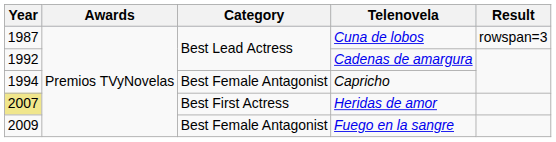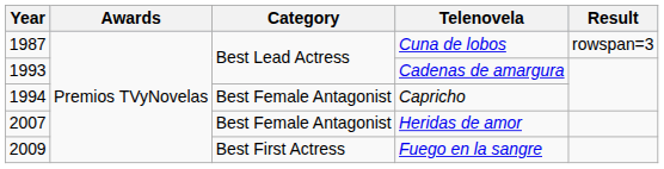 <table class="wikitable">
 <tr style="background:#b0c4de;">
 <th>Year</th>
 <th>Awards</th>
 <th>Category</th>
 <th>Telenovela</th>
 <th>Result</th>
 </tr>
 <tr>
 <td>1987</td>
 <td rowspan=5>Premios TVyNovelas</td>
 <td rowspan=2>Best Lead Actress</td>
 <td><em><a href='#'>Cuna de lobos</a></em></td>
 <td>rowspan=3 </td>
 </tr>
 <tr>
-<td>1992</td>
+<td>1993</td>
 <td><em><a href='#'>Cadenas de amargura</a></em></td>
 </tr>
 <tr>
 <td>1994</td>
 <td>Best Female Antagonist</td>
 <td><em>Capricho</em></td>
 </tr>
 <tr>
-<td style="background: khaki;">2007</td>
-<td>Best First Actress</td>
+<td>2007</td>
+<td>Best Female Antagonist</td>
 <td><em><a href='#'>Heridas de amor</a></em></td>
 <td></td>
 </tr>
 <tr>
 <td>2009</td>
-<td>Best Female Antagonist</td>
+<td>Best First Actress</td>
 <td><em><a href='#'>Fuego en la sangre</a></em></td>
 <td></td>
 </tr>
 </table>
